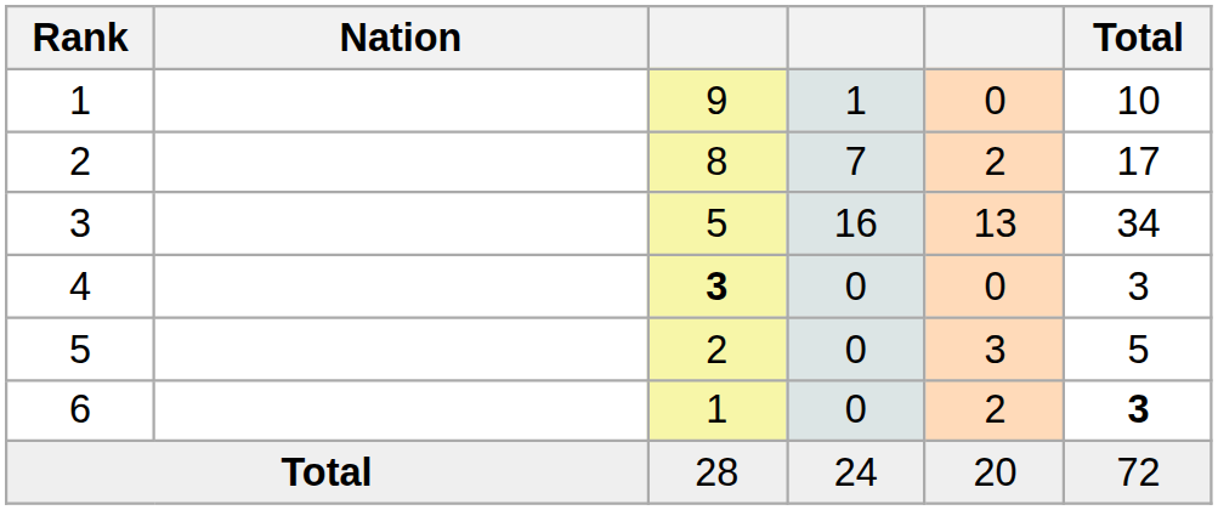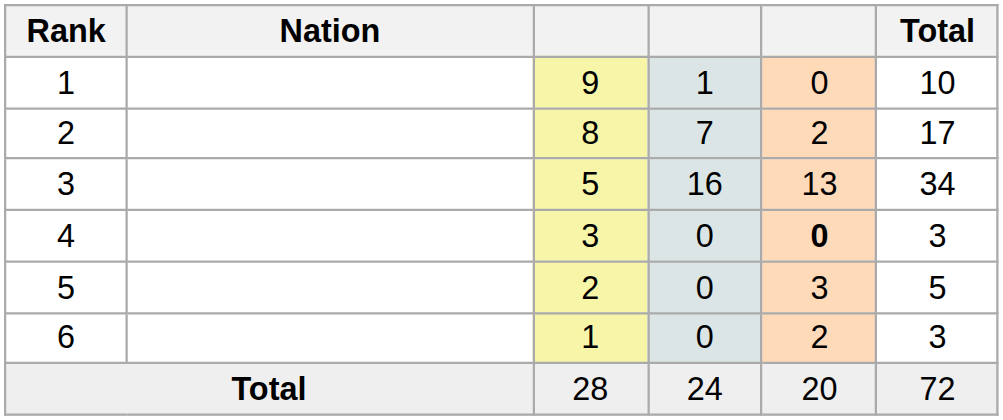 <table class=wikitable width=35% cellspacing="1" cellpadding="3" style="border:1px solid #AAAAAA;font-size:90%">
 <tr bgcolor="#EFEFEF">
 <th width=50>Rank</th>
 <th width=200>Nation</th>
 <th width=50></th>
 <th width=50></th>
 <th width=50></th>
 <th width=50>Total</th>
 </tr>
 <tr align="center" valign="top" bgcolor="#FFFFFF">
 <td rowspan="1" valign="center">1</td>
 <td align="left"></td>
 <td style="background:#F7F6A8;">9</td>
 <td style="background:#DCE5E5;">1</td>
 <td style="background:#FFDAB9;">0</td>
 <td>10</td>
 </tr>
 <tr align="center" valign="top" bgcolor="#FFFFFF">
 <td rowspan="1" valign="center">2</td>
 <td align="left"></td>
 <td style="background:#F7F6A8;">8</td>
 <td style="background:#DCE5E5;">7</td>
 <td style="background:#FFDAB9;">2</td>
 <td>17</td>
 </tr>
 <tr align="center" valign="top" bgcolor="#FFFFFF">
 <td rowspan="1" valign="center">3</td>
 <td align="left"></td>
 <td style="background:#F7F6A8;">5</td>
 <td style="background:#DCE5E5;">16</td>
 <td style="background:#FFDAB9;">13</td>
 <td>34</td>
 </tr>
 <tr align="center" valign="top" bgcolor="#FFFFFF">
 <td rowspan="1" valign="center">4</td>
 <td align="left"></td>
-<td style="background:#F7F6A8;"><strong>3</strong></td>
+<td style="background:#F7F6A8;">3</td>
 <td style="background:#DCE5E5;">0</td>
-<td style="background:#FFDAB9;">0</td>
+<td style="background:#FFDAB9;"><strong>0</strong></td>
 <td>3</td>
 </tr>
 <tr align="center" valign="top" bgcolor="#FFFFFF">
 <td rowspan="1" valign="center">5</td>
 <td align="left"></td>
 <td style="background:#F7F6A8;">2</td>
 <td style="background:#DCE5E5;">0</td>
 <td style="background:#FFDAB9;">3</td>
 <td>5</td>
 </tr>
 <tr align="center" valign="top" bgcolor="#FFFFFF">
 <td rowspan="1" valign="center">6</td>
 <td align="left"></td>
 <td style="background:#F7F6A8;">1</td>
 <td style="background:#DCE5E5;">0</td>
 <td style="background:#FFDAB9;">2</td>
-<td><strong>3</strong></td>
+<td>3</td>
 </tr>
 <tr align="center" valign="top" bgcolor="#EFEFEF">
 <td colspan="2" rowspan="1" valign="center"><strong>Total</strong></td>
 <td>28</td>
 <td>24</td>
 <td>20</td>
 <td>72</td>
 </tr>
 </table>
